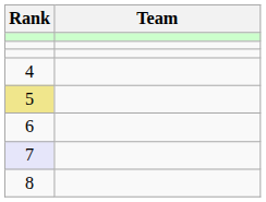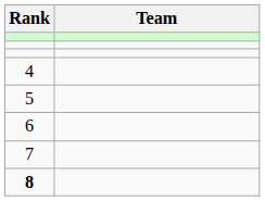 <table class=wikitable style="text-align:center;">
 <tr>
 <th>Rank</th>
 <th width=180>Team</th>
 </tr>
 <tr bgcolor=ccffcc>
 <td></td>
 <td align=left></td>
 </tr>
 <tr>
 <td></td>
 <td align=left></td>
 </tr>
 <tr>
 <td></td>
 <td align=left></td>
 </tr>
 <tr>
 <td>4</td>
 <td align=left></td>
 </tr>
 <tr>
-<td style="background: khaki;">5</td>
+<td>5</td>
 <td align=left></td>
 </tr>
 <tr>
 <td>6</td>
 <td align=left></td>
 </tr>
 <tr>
-<td style="background: lavender;">7</td>
+<td>7</td>
 <td align=left></td>
 </tr>
 <tr>
-<td>8</td>
+<td><strong>8</strong></td>
 <td align=left></td>
 </tr>
 </table>
